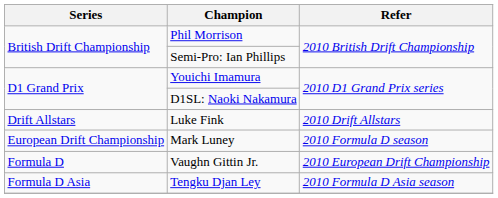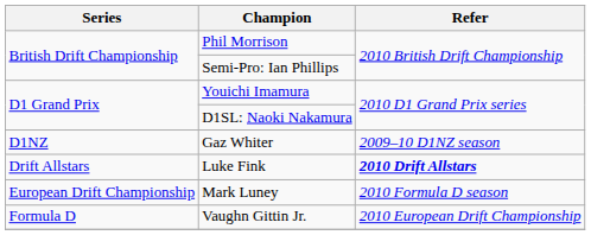 <table class="wikitable" style="font-size:87%;">
 <tr>
 <th>Series</th>
 <th>Champion</th>
 <th>Refer</th>
 </tr>
 <tr>
 <td rowspan=2><a href='#'>British Drift Championship</a></td>
 <td> <a href='#'>Phil Morrison</a></td>
 <td rowspan=2><em><a href='#'>2010 British Drift Championship</a></em></td>
 </tr>
 <tr>
 <td>Semi-Pro:  Ian Phillips</td>
 </tr>
 <tr>
 <td rowspan=2><a href='#'>D1 Grand Prix</a></td>
 <td> <a href='#'>Youichi Imamura</a></td>
 <td rowspan=2><em><a href='#'>2010 D1 Grand Prix series</a></em></td>
 </tr>
 <tr>
 <td>D1SL:  <a href='#'>Naoki Nakamura</a></td>
 </tr>
 <tr>
+<td><a href='#'>D1NZ</a></td>
+<td> Gaz Whiter</td>
+<td><em><a href='#'>2009–10 D1NZ season</a></em></td>
+</tr>
+<tr>
 <td><a href='#'>Drift Allstars</a></td>
 <td> Luke Fink</td>
-<td><em><a href='#'>2010 Drift Allstars</a></em></td>
+<td><strong><em><a href='#'>2010 Drift Allstars</a></em></strong></td>
 </tr>
 <tr>
 <td><a href='#'>European Drift Championship</a></td>
 <td> Mark Luney</td>
 <td><em><a href='#'>2010 Formula D season</a></em></td>
 </tr>
 <tr>
 <td><a href='#'>Formula D</a></td>
 <td> Vaughn Gittin Jr.</td>
 <td><em><a href='#'>2010 European Drift Championship</a></em></td>
 </tr>
 <tr>
-<td><a href='#'>Formula D Asia</a></td>
-<td> <a href='#'>Tengku Djan Ley</a></td>
-<td><em><a href='#'>2010 Formula D Asia season</a></em></td>
-</tr>
-<tr>
 </tr>
 </table>
